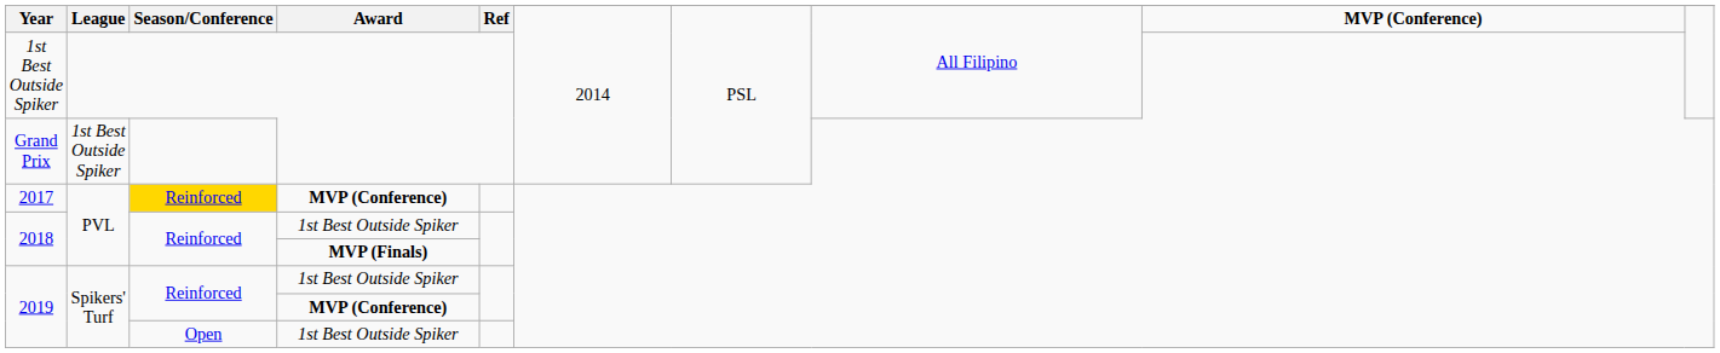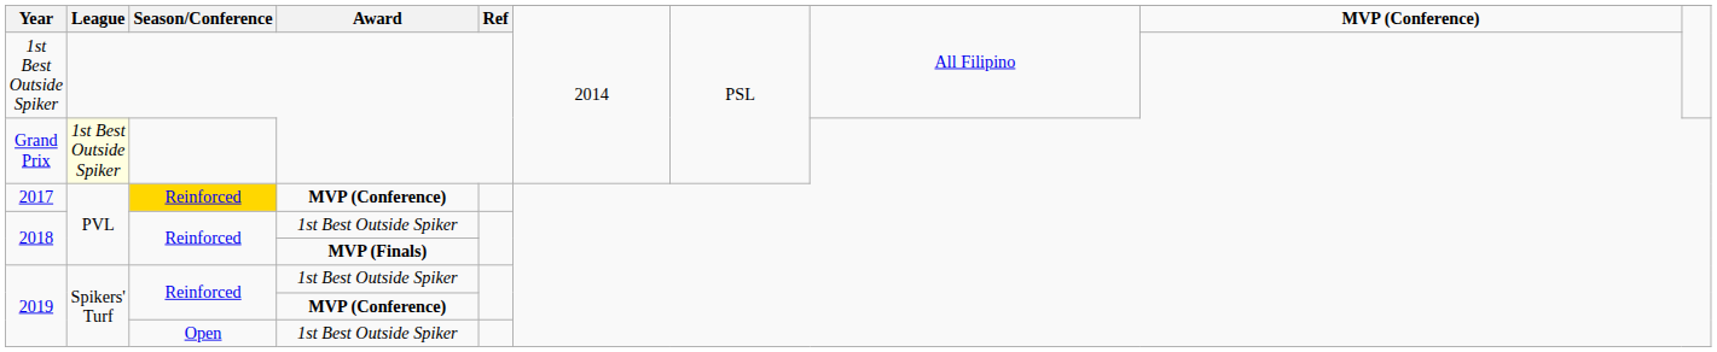 <table class="wikitable sortable" style="text-align:center" width="80%">
 <tr>
 <th style="width:5px;" rowspan="2">Year</th>
 <th style="width:25px;" rowspan="2">League</th>
 <th style="width:100px;" rowspan="2">Season/Conference</th>
 <th style="width:180px;" rowspan="2">Award</th>
 <th style="width:25px;" rowspan="2">Ref</th>
 </tr>
 <tr align=center>
 <td rowspan=3>2014</td>
 <td rowspan=3>PSL</td>
 <td rowspan=2><a href='#'>All Filipino</a></td>
 <td><strong>MVP (Conference)</strong></td>
 <td rowspan=2></td>
 </tr>
 <tr align=center>
 <td><em>1st Best Outside Spiker</em></td>
 </tr>
 <tr align=center>
 <td><a href='#'>Grand Prix</a></td>
-<td><em>1st Best Outside Spiker</em></td>
+<td style="background: lightyellow;"><em>1st Best Outside Spiker</em></td>
 <td></td>
 </tr>
 <tr align=center>
 <td rowspan=1><a href='#'>2017</a></td>
 <td rowspan=3>PVL</td>
 <td rowspan=1 style="background: gold;"><a href='#'>Reinforced</a></td>
 <td><strong>MVP (Conference)</strong></td>
 <td rowspan=1></td>
 </tr>
 <tr align=center>
 <td rowspan=2><a href='#'>2018</a></td>
 <td rowspan=2><a href='#'>Reinforced</a></td>
 <td><em>1st Best Outside Spiker</em></td>
 <td Rowspan=2></td>
 </tr>
 <tr align=center>
 <td><strong>MVP (Finals)</strong></td>
 </tr>
 <tr align=center>
 <td rowspan=3><a href='#'>2019</a></td>
 <td rowspan=3>Spikers' Turf</td>
 <td rowspan=2><a href='#'>Reinforced</a></td>
 <td><em>1st Best Outside Spiker</em></td>
 <td rowspan=2></td>
 </tr>
 <tr align=center>
 <td><strong>MVP (Conference)</strong></td>
 </tr>
 <tr align=center>
 <td rowspan=1><a href='#'>Open</a></td>
 <td><em>1st Best Outside Spiker</em></td>
 <td></td>
 </tr>
 </table>
